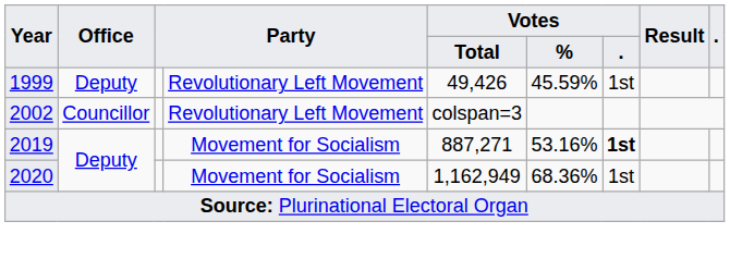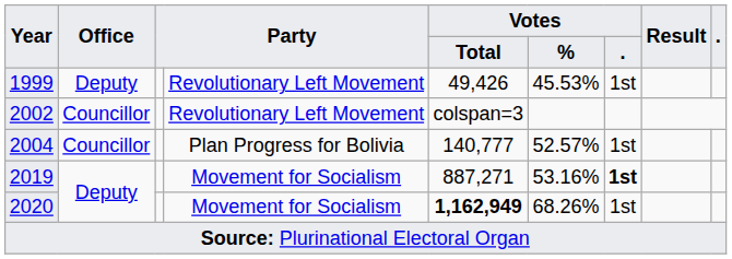 <table class="wikitable" style="font-size:90%; text-align:center;">
 <tr>
 <th style="background-color:#EAECF0;" rowspan=2>Year</th>
 <th style="background-color:#EAECF0;" rowspan=2>Office</th>
 <th style="background-color:#EAECF0;" colspan=2 rowspan=2>Party</th>
 <th style="background-color:#EAECF0;" colspan=3>Votes</th>
 <th style="background-color:#EAECF0;" rowspan=2>Result</th>
 <th style="background-color:#EAECF0;" rowspan=2>.</th>
 </tr>
 <tr>
 <th style="background-color:#EAECF0;">Total</th>
 <th style="background-color:#EAECF0;">%</th>
 <th style="background-color:#EAECF0;">.</th>
 </tr>
 <tr>
 <td style="background-color:#EAECF0;"><a href='#'>1999</a></td>
 <td><a href='#'>Deputy</a></td>
 <td style="background-color:"></td>
 <td><a href='#'>Revolutionary Left Movement</a></td>
 <td>49,426</td>
-<td>45.59%</td>
+<td>45.53%</td>
 <td>1st</td>
 <td></td>
 <td></td>
 </tr>
 <tr>
 <td style="background-color:#EAECF0;"><a href='#'>2002</a></td>
 <td><a href='#'>Councillor</a></td>
 <td style="background-color:"></td>
 <td><a href='#'>Revolutionary Left Movement</a></td>
 <td>colspan=3 </td>
+<td></td>
+<td></td>
+</tr>
+<tr>
+<td style="background-color:#EAECF0;"><a href='#'>2004</a></td>
+<td><a href='#'>Councillor</a></td>
+<td style="background-color:"></td>
+<td>Plan Progress for Bolivia</td>
+<td>140,777</td>
+<td>52.57%</td>
+<td>1st</td>
 <td></td>
 <td></td>
 </tr>
 <tr>
 <td style="background-color:#EAECF0;"><a href='#'>2019</a></td>
 <td rowspan=2><a href='#'>Deputy</a></td>
 <td style="background-color:"></td>
 <td><a href='#'>Movement for Socialism</a></td>
 <td>887,271</td>
 <td>53.16%</td>
 <td><strong>1st</strong></td>
 <td></td>
 <td></td>
 </tr>
 <tr>
 <td style="background-color:#EAECF0;"><a href='#'>2020</a></td>
 <td style="background-color:"></td>
 <td><a href='#'>Movement for Socialism</a></td>
-<td>1,162,949</td>
-<td>68.36%</td>
+<td><strong>1,162,949</strong></td>
+<td>68.26%</td>
 <td>1st</td>
 <td></td>
 <td></td>
 </tr>
 <tr>
 <td style="background-color:#EAECF0;" colspan=9><strong>Source:</strong> <a href='#'>Plurinational Electoral Organ</a>  </td>
 </tr>
 </table>
